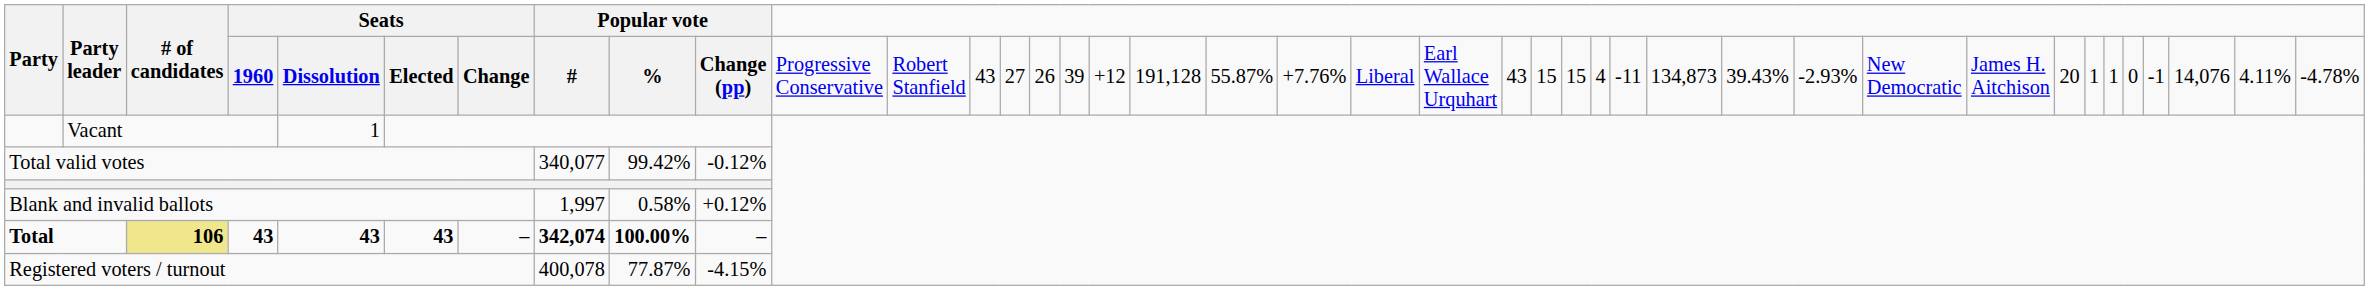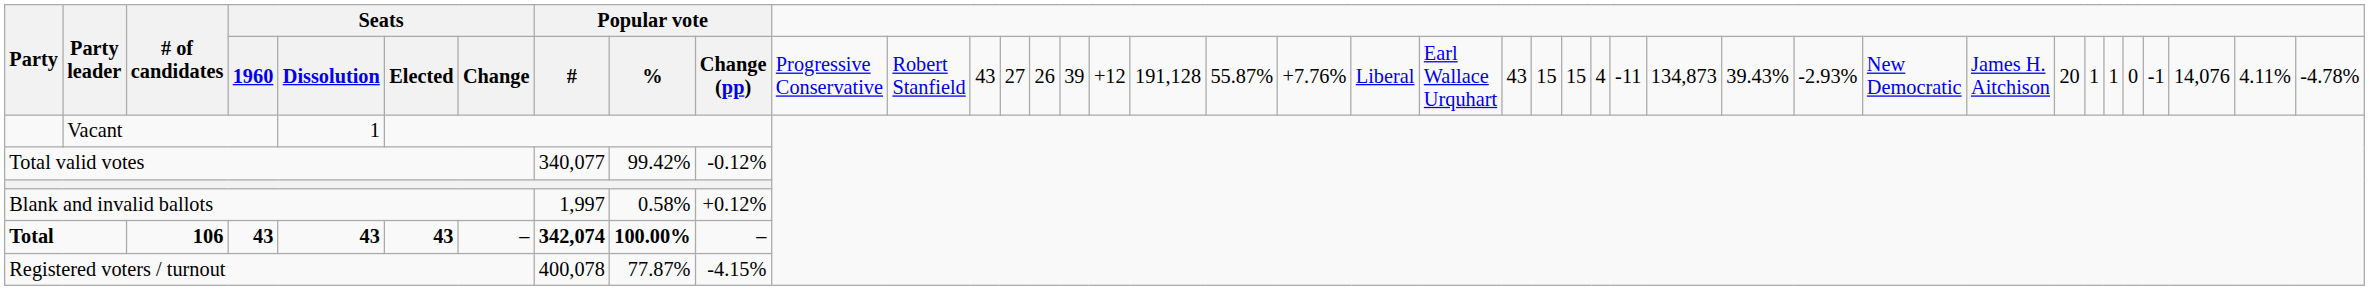 <table class="wikitable">
 <tr>
 <th rowspan="2" colspan="2">Party</th>
 <th rowspan="2">Party leader</th>
 <th rowspan="2"># of<br>candidates</th>
 <th colspan="4">Seats</th>
 <th colspan="3">Popular vote</th>
 </tr>
 <tr>
 <th><a href='#'>1960</a></th>
 <th><span><a href='#'>Dissolution</a></span></th>
 <th>Elected</th>
 <th>Change</th>
 <th>#</th>
 <th>%</th>
 <th>Change (<a href='#'>pp</a>)<br></th>
 <td><a href='#'>Progressive Conservative</a></td>
 <td><a href='#'>Robert Stanfield</a></td>
 <td align="right">43</td>
 <td align="right">27</td>
 <td align="right">26</td>
 <td align="right">39</td>
 <td align="right">+12</td>
 <td align="right">191,128</td>
 <td align="right">55.87%</td>
 <td align="right">+7.76%<br></td>
 <td><a href='#'>Liberal</a></td>
 <td><a href='#'>Earl Wallace Urquhart</a></td>
 <td align="right">43</td>
 <td align="right">15</td>
 <td align="right">15</td>
 <td align="right">4</td>
 <td align="right">-11</td>
 <td align="right">134,873</td>
 <td align="right">39.43%</td>
 <td align="right">-2.93%<br></td>
 <td><a href='#'>New Democratic</a></td>
 <td><a href='#'>James H. Aitchison</a></td>
 <td align="right">20</td>
 <td align="right">1</td>
 <td align="right">1</td>
 <td align="right">0</td>
 <td align="right">-1</td>
 <td align="right">14,076</td>
 <td align="right">4.11%</td>
 <td align="right">-4.78%</td>
 </tr>
 <tr>
 <td> </td>
 <td colspan=4>Vacant</td>
 <td align="right">1</td>
 <td colspan=5> </td>
 </tr>
 <tr>
 <td colspan="8">Total valid votes</td>
 <td align="right">340,077</td>
 <td align="right">99.42%</td>
 <td align="right">-0.12%</td>
 </tr>
 <tr>
 <th colspan="11"></th>
 </tr>
 <tr>
 <td colspan="8">Blank and invalid ballots</td>
 <td align="right">1,997</td>
 <td align="right">0.58%</td>
 <td align="right">+0.12%</td>
 </tr>
 <tr>
 <td colspan=3><strong>Total</strong></td>
-<td align="right" style="background: khaki;"><strong>106</strong></td>
+<td align="right"><strong>106</strong></td>
 <td align="right"><strong>43</strong></td>
 <td align="right"><strong>43</strong></td>
 <td align="right"><strong>43</strong></td>
 <td align="right">–</td>
 <td align="right"><strong>342,074</strong></td>
 <td align="right"><strong>100.00%</strong></td>
 <td align="right">–</td>
 </tr>
 <tr>
 <td colspan="8">Registered voters / turnout</td>
 <td align="right">400,078</td>
 <td align="right">77.87%</td>
 <td align="right">-4.15%</td>
 </tr>
 </table>
